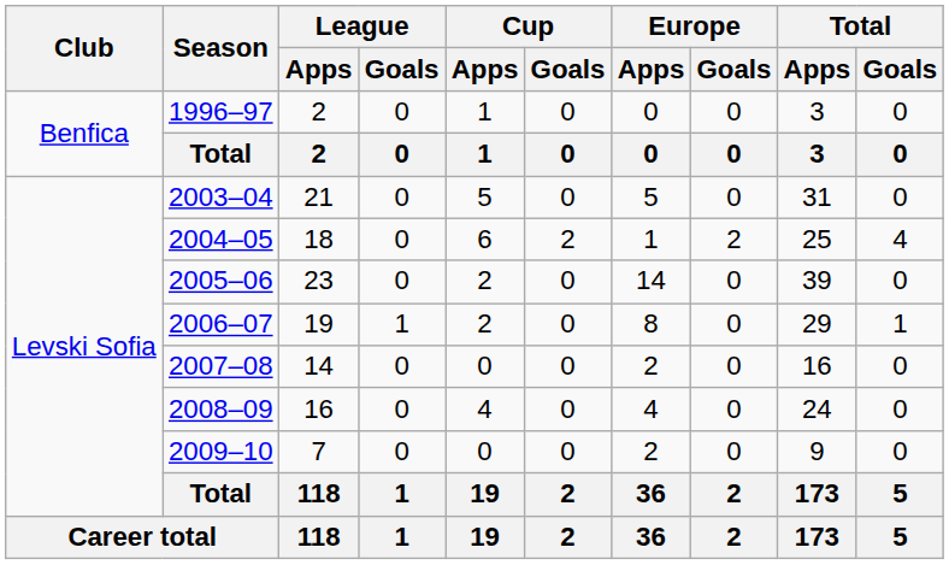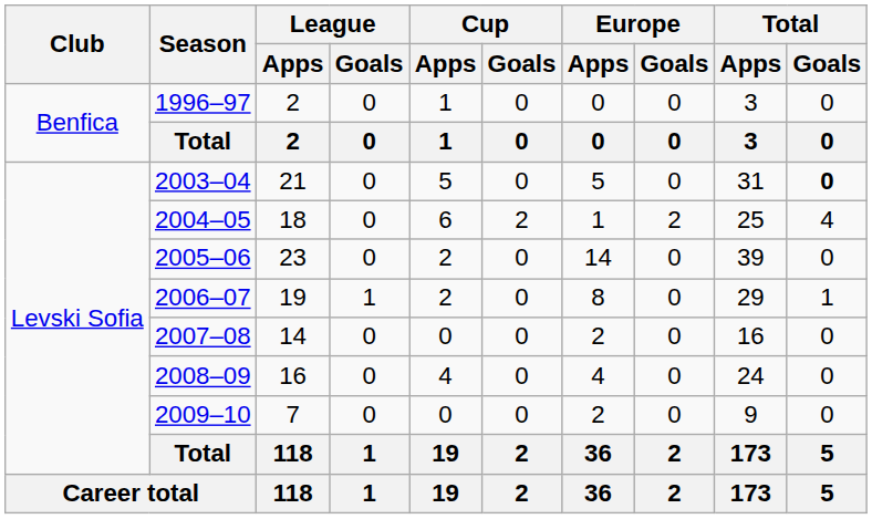 <table class="wikitable" style="text-align: center;">
 <tr>
 <th rowspan=2>Club</th>
 <th rowspan=2>Season</th>
 <th colspan=2>League</th>
 <th colspan=2>Cup</th>
 <th colspan=2>Europe</th>
 <th colspan=2>Total</th>
 </tr>
 <tr>
 <th>Apps</th>
 <th>Goals</th>
 <th>Apps</th>
 <th>Goals</th>
 <th>Apps</th>
 <th>Goals</th>
 <th>Apps</th>
 <th>Goals</th>
 </tr>
 <tr>
 <td rowspan="2"><a href='#'>Benfica</a></td>
 <td><a href='#'>1996–97</a></td>
 <td>2</td>
 <td>0</td>
 <td>1</td>
 <td>0</td>
 <td>0</td>
 <td>0</td>
 <td>3</td>
 <td>0</td>
 </tr>
 <tr>
 <th>Total</th>
 <th>2</th>
 <th>0</th>
 <th>1</th>
 <th>0</th>
 <th>0</th>
 <th>0</th>
 <th>3</th>
 <th>0</th>
 </tr>
 <tr>
 <td rowspan="8"><a href='#'>Levski Sofia</a></td>
 <td><a href='#'>2003–04</a></td>
 <td>21</td>
 <td>0</td>
 <td>5</td>
 <td>0</td>
 <td>5</td>
 <td>0</td>
 <td>31</td>
-<td>0</td>
+<td><strong>0</strong></td>
 </tr>
 <tr>
 <td><a href='#'>2004–05</a></td>
 <td>18</td>
 <td>0</td>
 <td>6</td>
 <td>2</td>
 <td>1</td>
 <td>2</td>
 <td>25</td>
 <td>4</td>
 </tr>
 <tr>
 <td><a href='#'>2005–06</a></td>
 <td>23</td>
 <td>0</td>
 <td>2</td>
 <td>0</td>
 <td>14</td>
 <td>0</td>
 <td>39</td>
 <td>0</td>
 </tr>
 <tr>
 <td><a href='#'>2006–07</a></td>
 <td>19</td>
 <td>1</td>
 <td>2</td>
 <td>0</td>
 <td>8</td>
 <td>0</td>
 <td>29</td>
 <td>1</td>
 </tr>
 <tr>
 <td><a href='#'>2007–08</a></td>
 <td>14</td>
 <td>0</td>
 <td>0</td>
 <td>0</td>
 <td>2</td>
 <td>0</td>
 <td>16</td>
 <td>0</td>
 </tr>
 <tr>
 <td><a href='#'>2008–09</a></td>
 <td>16</td>
 <td>0</td>
 <td>4</td>
 <td>0</td>
 <td>4</td>
 <td>0</td>
 <td>24</td>
 <td>0</td>
 </tr>
 <tr>
 <td><a href='#'>2009–10</a></td>
 <td>7</td>
 <td>0</td>
 <td>0</td>
 <td>0</td>
 <td>2</td>
 <td>0</td>
 <td>9</td>
 <td>0</td>
 </tr>
 <tr>
 <th>Total</th>
 <th>118</th>
 <th>1</th>
 <th>19</th>
 <th>2</th>
 <th>36</th>
 <th>2</th>
 <th>173</th>
 <th>5</th>
 </tr>
 <tr>
 <th colspan="2">Career total</th>
 <th>118</th>
 <th>1</th>
 <th>19</th>
 <th>2</th>
 <th>36</th>
 <th>2</th>
 <th>173</th>
 <th>5</th>
 </tr>
 </table>
